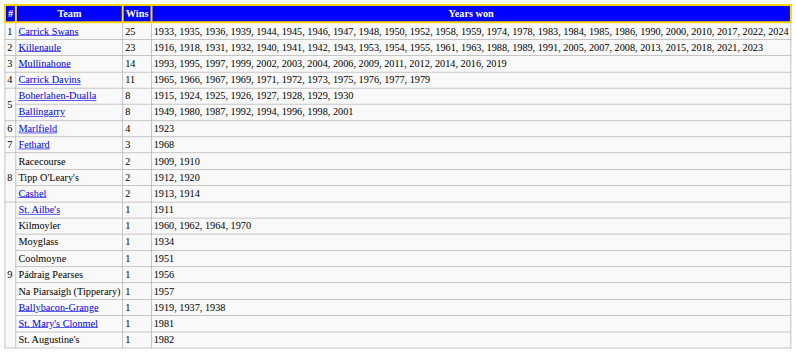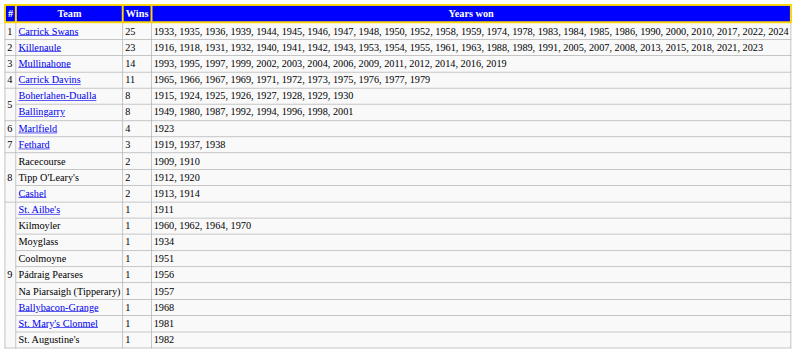 <table class="wikitable">
 <tr>
 <th style="background:blue;color:white;border:3px solid gold">#</th>
 <th style="background:blue;color:white;border:3px solid gold">Team</th>
 <th style="background:blue;color:white;border:3px solid gold">Wins</th>
 <th style="background:blue;color:white;border:3px solid gold">Years won</th>
 </tr>
 <tr>
 <td>1</td>
 <td><a href='#'>Carrick Swans</a></td>
 <td>25</td>
 <td>1933, 1935, 1936, 1939, 1944, 1945, 1946, 1947, 1948, 1950, 1952, 1958, 1959, 1974, 1978, 1983, 1984, 1985, 1986, 1990, 2000, 2010, 2017, 2022, 2024</td>
 </tr>
 <tr>
 <td>2</td>
 <td><a href='#'>Killenaule</a></td>
 <td>23</td>
 <td>1916, 1918, 1931, 1932, 1940, 1941, 1942, 1943, 1953, 1954, 1955, 1961, 1963, 1988, 1989, 1991, 2005, 2007, 2008, 2013, 2015, 2018, 2021, 2023</td>
 </tr>
 <tr>
 <td>3</td>
 <td><a href='#'>Mullinahone</a></td>
 <td>14</td>
 <td>1993, 1995, 1997, 1999, 2002, 2003, 2004, 2006, 2009, 2011, 2012, 2014, 2016, 2019</td>
 </tr>
 <tr>
 <td>4</td>
 <td><a href='#'>Carrick Davins</a></td>
 <td>11</td>
 <td>1965, 1966, 1967, 1969, 1971, 1972, 1973, 1975, 1976, 1977, 1979</td>
 </tr>
 <tr>
 <td rowspan="2">5</td>
 <td><a href='#'>Boherlahen-Dualla</a></td>
 <td>8</td>
 <td>1915, 1924, 1925, 1926, 1927, 1928, 1929, 1930</td>
 </tr>
 <tr>
 <td><a href='#'>Ballingarry</a></td>
 <td>8</td>
 <td>1949, 1980, 1987, 1992, 1994, 1996, 1998, 2001</td>
 </tr>
 <tr>
 <td>6</td>
 <td><a href='#'>Marlfield</a></td>
 <td>4</td>
 <td>1923</td>
 </tr>
 <tr>
 <td>7</td>
 <td><a href='#'>Fethard</a></td>
 <td>3</td>
-<td>1968</td>
+<td>1919, 1937, 1938</td>
 </tr>
 <tr>
 <td rowspan="3">8</td>
 <td>Racecourse</td>
 <td>2</td>
 <td>1909, 1910</td>
 </tr>
 <tr>
 <td>Tipp O'Leary's</td>
 <td>2</td>
 <td>1912, 1920</td>
 </tr>
 <tr>
 <td><a href='#'>Cashel</a></td>
 <td>2</td>
 <td>1913, 1914</td>
 </tr>
 <tr>
 <td rowspan="9">9</td>
 <td><a href='#'>St. Ailbe's</a></td>
 <td>1</td>
 <td>1911</td>
 </tr>
 <tr>
 <td>Kilmoyler</td>
 <td>1</td>
 <td>1960, 1962, 1964, 1970</td>
 </tr>
 <tr>
 <td>Moyglass</td>
 <td>1</td>
 <td>1934</td>
 </tr>
 <tr>
 <td>Coolmoyne</td>
 <td>1</td>
 <td>1951</td>
 </tr>
 <tr>
 <td>Pádraig Pearses</td>
 <td>1</td>
 <td>1956</td>
 </tr>
 <tr>
 <td>Na Piarsaigh (Tipperary)</td>
 <td>1</td>
 <td>1957</td>
 </tr>
 <tr>
 <td><a href='#'>Ballybacon-Grange</a></td>
 <td>1</td>
-<td>1919, 1937, 1938</td>
+<td>1968</td>
 </tr>
 <tr>
 <td><a href='#'>St. Mary's Clonmel</a></td>
 <td>1</td>
 <td>1981</td>
 </tr>
 <tr>
 <td>St. Augustine's</td>
 <td>1</td>
 <td>1982</td>
 </tr>
 </table>
